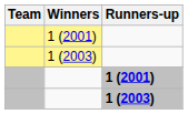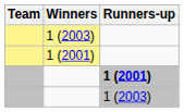 <table class="wikitable sortable">
 <tr>
 <th>Team</th>
 <th>Winners</th>
 <th>Runners-up</th>
 </tr>
 <tr>
 <td style="background:#FFF68F"></td>
-<td style="background:#FFF68F">1 (<a href='#'>2001</a>)</td>
+<td style="background:#FFF68F">1 (<a href='#'>2003</a>)</td>
 <td></td>
 </tr>
 <tr>
 <td style="background:#FFF68F"></td>
-<td style="background:#FFF68F">1 (<a href='#'>2003</a>)</td>
+<td style="background:#FFF68F">1 (<a href='#'>2001</a>)</td>
 <td></td>
 </tr>
 <tr>
 <td style="background:#C0C0C0"></td>
 <td></td>
 <td style="background:#C0C0C0"><strong>1 (<a href='#'>2001</a>)</strong></td>
 </tr>
 <tr>
 <td style="background:#C0C0C0"></td>
 <td></td>
-<td style="background:#C0C0C0"><strong>1 (<a href='#'>2003</a>)</strong></td>
+<td style="background:#C0C0C0">1 (<a href='#'>2003</a>)</td>
 </tr>
 </table>
